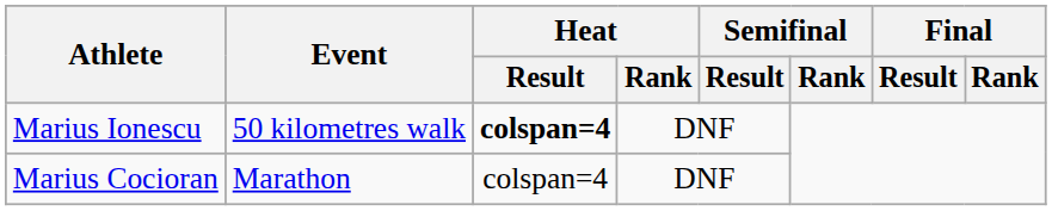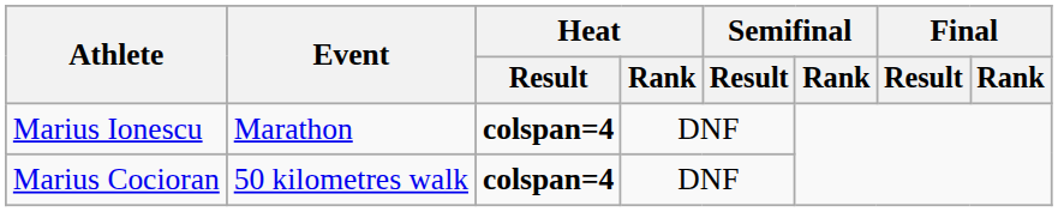 <table class="wikitable" style="font-size:90%">
 <tr>
 <th rowspan="2">Athlete</th>
 <th rowspan="2">Event</th>
 <th colspan="2">Heat</th>
 <th colspan="2">Semifinal</th>
 <th colspan="2">Final</th>
 </tr>
 <tr style="font-size:95%">
 <th>Result</th>
 <th>Rank</th>
 <th>Result</th>
 <th>Rank</th>
 <th>Result</th>
 <th>Rank</th>
 </tr>
 <tr style=text-align:center>
 <td style=text-align:left><a href='#'>Marius Ionescu</a></td>
-<td style=text-align:left><a href='#'>50 kilometres walk</a></td>
+<td style=text-align:left><a href='#'>Marathon</a></td>
 <td><strong>colspan=4 </strong></td>
 <td colspan="2">DNF</td>
 </tr>
 <tr style=text-align:center>
 <td style=text-align:left><a href='#'>Marius Cocioran</a></td>
-<td style=text-align:left><a href='#'>Marathon</a></td>
-<td>colspan=4 </td>
+<td style=text-align:left><a href='#'>50 kilometres walk</a></td>
+<td><strong>colspan=4 </strong></td>
 <td colspan="2">DNF</td>
 </tr>
 </table>
